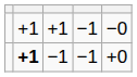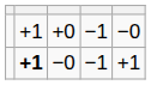 <table class="wikitable">
 <tr>
 <th></th>
 <th></th>
 <th></th>
 <th></th>
 <th></th>
 </tr>
 <tr>
 <td></td>
 <td>+1</td>
-<td>+1</td>
+<td>+0</td>
 <td>−1</td>
 <td>−0</td>
 </tr>
 <tr>
 <td></td>
 <td><strong>+1</strong></td>
+<td>−0</td>
 <td>−1</td>
-<td>−1</td>
-<td>+0</td>
+<td>+1</td>
 </tr>
 </table>
